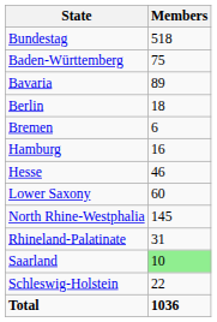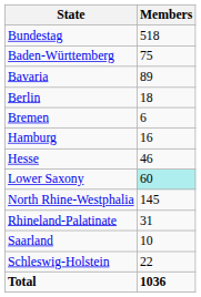 <table class="wikitable" style="float:left; margin-top:0;">
 <tr>
 <th>State</th>
 <th>Members</th>
 </tr>
 <tr>
 <td><a href='#'>Bundestag</a></td>
 <td>518</td>
 </tr>
 <tr>
 <td><a href='#'>Baden-Württemberg</a></td>
 <td>75</td>
 </tr>
 <tr>
 <td><a href='#'>Bavaria</a></td>
 <td>89</td>
 </tr>
 <tr>
 <td><a href='#'>Berlin</a></td>
 <td>18</td>
 </tr>
 <tr>
 <td><a href='#'>Bremen</a></td>
 <td>6</td>
 </tr>
 <tr>
 <td><a href='#'>Hamburg</a></td>
 <td>16</td>
 </tr>
 <tr>
 <td><a href='#'>Hesse</a></td>
 <td>46</td>
 </tr>
 <tr>
 <td><a href='#'>Lower Saxony</a></td>
-<td>60</td>
+<td style="background: paleturquoise;">60</td>
 </tr>
 <tr>
 <td><a href='#'>North Rhine-Westphalia</a></td>
 <td>145</td>
 </tr>
 <tr>
 <td><a href='#'>Rhineland-Palatinate</a></td>
 <td>31</td>
 </tr>
 <tr>
 <td><a href='#'>Saarland</a></td>
-<td style="background: lightgreen;">10</td>
+<td>10</td>
 </tr>
 <tr>
 <td><a href='#'>Schleswig-Holstein</a></td>
 <td>22</td>
 </tr>
 <tr>
 <td><strong>Total</strong></td>
 <td><strong>1036</strong></td>
 </tr>
 </table>
